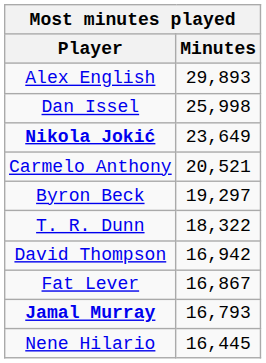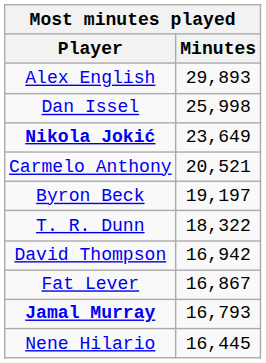 <table class="wikitable sortable" style="text-align:center">
 <tr>
 <th colspan="2" style="text-align:center; ">Most minutes played</th>
 </tr>
 <tr>
 <th style="text-align:center; ">Player</th>
 <th style="text-align:center; ">Minutes</th>
 </tr>
 <tr>
 <td><a href='#'>Alex English</a></td>
 <td>29,893</td>
 </tr>
 <tr>
 <td><a href='#'>Dan Issel</a></td>
 <td>25,998</td>
 </tr>
 <tr>
 <td><strong><a href='#'>Nikola Jokić</a></strong></td>
 <td>23,649</td>
 </tr>
 <tr>
 <td><a href='#'>Carmelo Anthony</a></td>
 <td>20,521</td>
 </tr>
 <tr>
 <td><a href='#'>Byron Beck</a></td>
-<td>19,297</td>
+<td>19,197</td>
 </tr>
 <tr>
 <td><a href='#'>T. R. Dunn</a></td>
 <td>18,322</td>
 </tr>
 <tr>
 <td><a href='#'>David Thompson</a></td>
 <td>16,942</td>
 </tr>
 <tr>
 <td><a href='#'>Fat Lever</a></td>
 <td>16,867</td>
 </tr>
 <tr>
 <td><strong><a href='#'>Jamal Murray</a></strong></td>
 <td>16,793</td>
 </tr>
 <tr>
 <td><a href='#'>Nene Hilario</a></td>
 <td>16,445</td>
 </tr>
 </table>
